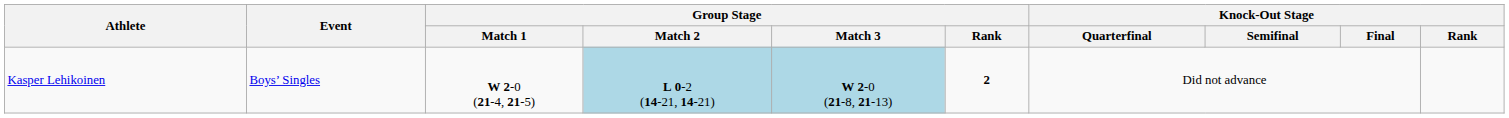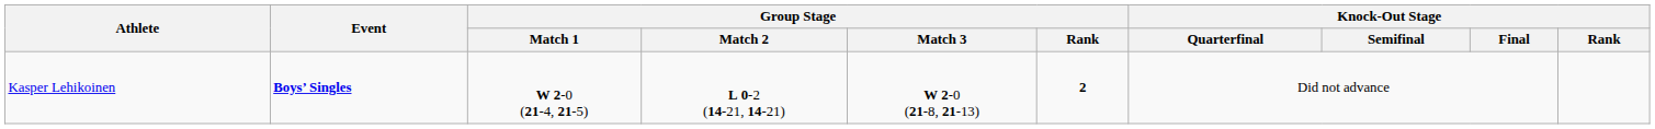 <table class="wikitable" width="85%" style="text-align:left; font-size:90%">
 <tr>
 <th rowspan=2>Athlete</th>
 <th rowspan=2>Event</th>
 <th colspan=4>Group Stage</th>
 <th colspan=4>Knock-Out Stage</th>
 </tr>
 <tr>
 <th>Match 1</th>
 <th>Match 2</th>
 <th>Match 3</th>
 <th>Rank</th>
 <th>Quarterfinal</th>
 <th>Semifinal</th>
 <th>Final</th>
 <th>Rank</th>
 </tr>
 <tr>
 <td><a href='#'>Kasper Lehikoinen</a></td>
-<td><a href='#'>Boys’ Singles</a></td>
+<td><strong><a href='#'>Boys’ Singles</a></strong></td>
 <td align=center> <br><br><strong>W</strong> <strong>2</strong>-0 <br> (<strong>21</strong>-4, <strong>21</strong>-5)</td>
-<td align=center style="background: lightblue;"> <br><br><strong>L</strong> <strong>0</strong>-2 <br> (<strong>14</strong>-21, <strong>14</strong>-21)</td>
-<td align=center style="background: lightblue;"> <br><br><strong>W</strong> <strong>2</strong>-0 <br> (<strong>21</strong>-8, <strong>21</strong>-13)</td>
+<td align=center> <br><br><strong>L</strong> <strong>0</strong>-2 <br> (<strong>14</strong>-21, <strong>14</strong>-21)</td>
+<td align=center> <br><br><strong>W</strong> <strong>2</strong>-0 <br> (<strong>21</strong>-8, <strong>21</strong>-13)</td>
 <td align=center><strong>2</strong></td>
 <td colspan="3" align=center>Did not advance</td>
 <td align=center></td>
 </tr>
 </table>
